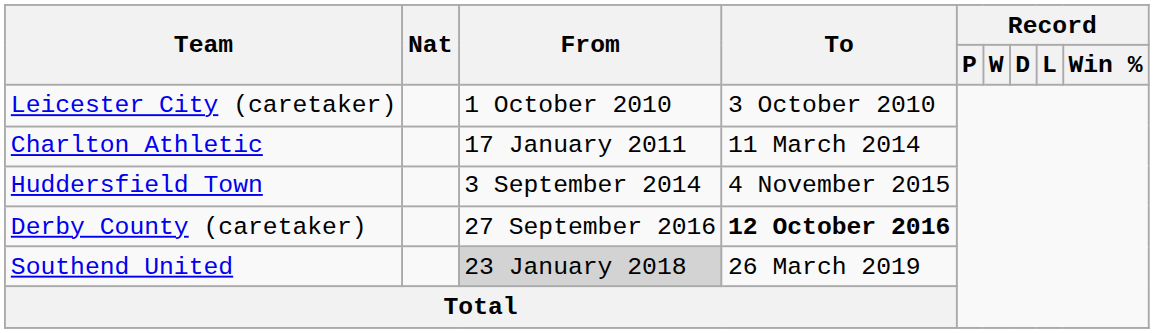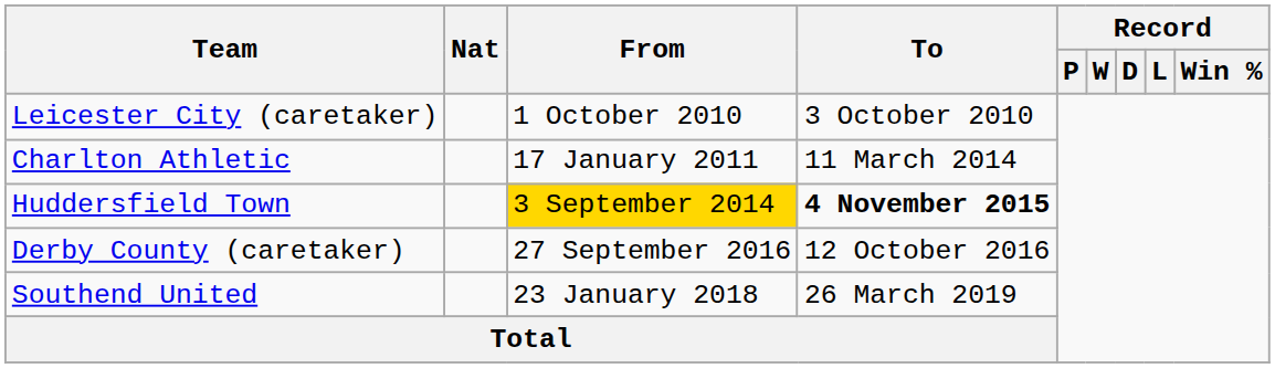 <table class="wikitable" style="text-align: center;">
 <tr>
 <th rowspan="2">Team</th>
 <th rowspan="2">Nat</th>
 <th rowspan="2">From</th>
 <th rowspan="2">To</th>
 <th colspan="5">Record</th>
 </tr>
 <tr>
 <th>P</th>
 <th>W</th>
 <th>D</th>
 <th>L</th>
 <th>Win %</th>
 </tr>
 <tr>
 <td align="left"><a href='#'>Leicester City</a> (caretaker)</td>
 <td></td>
 <td align="left">1 October 2010</td>
 <td align="left">3 October 2010<br></td>
 </tr>
 <tr>
 <td align="left"><a href='#'>Charlton Athletic</a></td>
 <td></td>
 <td align="left">17 January 2011</td>
 <td align="left">11 March 2014<br></td>
 </tr>
 <tr>
 <td align="left"><a href='#'>Huddersfield Town</a></td>
 <td></td>
-<td align="left">3 September 2014</td>
-<td align="left">4 November 2015<br></td>
+<td align="left" style="background: gold;">3 September 2014</td>
+<td align="left"><strong>4 November 2015<br></strong></td>
 </tr>
 <tr>
 <td align="left"><a href='#'>Derby County</a> (caretaker)</td>
 <td></td>
 <td align="left">27 September 2016</td>
-<td align="left"><strong>12 October 2016<br></strong></td>
+<td align="left">12 October 2016<br></td>
 </tr>
 <tr>
 <td align="left"><a href='#'>Southend United</a></td>
 <td></td>
-<td align="left" style="background: lightgrey;">23 January 2018</td>
+<td align="left">23 January 2018</td>
 <td align="left">26 March 2019<br></td>
 </tr>
 <tr>
 <th colspan="4">Total<br></th>
 </tr>
 </table>
